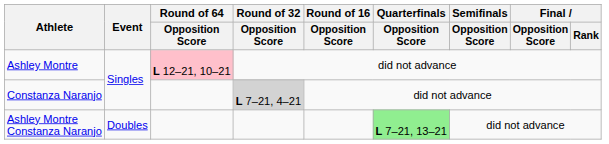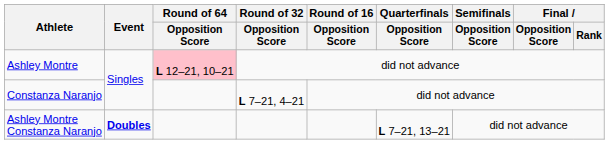 <table class=wikitable style="font-size:90%">
 <tr>
 <th rowspan="2">Athlete</th>
 <th rowspan="2">Event</th>
 <th>Round of 64</th>
 <th>Round of 32</th>
 <th>Round of 16</th>
 <th>Quarterfinals</th>
 <th>Semifinals</th>
 <th colspan=2>Final / </th>
 </tr>
 <tr style="font-size:95%">
 <th>Opposition<br>Score</th>
 <th>Opposition<br>Score</th>
 <th>Opposition<br>Score</th>
 <th>Opposition<br>Score</th>
 <th>Opposition<br>Score</th>
 <th>Opposition<br>Score</th>
 <th>Rank</th>
 </tr>
 <tr align=center>
 <td align=left><a href='#'>Ashley Montre</a></td>
 <td align=left rowspan=2><a href='#'>Singles</a></td>
 <td style="background: pink;"><br><strong>L</strong> 12–21, 10–21</td>
 <td colspan=6>did not advance</td>
 </tr>
 <tr align=center>
 <td align=left><a href='#'>Constanza Naranjo</a></td>
 <td></td>
-<td style="background: lightgrey;"><br><strong>L</strong> 7–21, 4–21</td>
+<td><br><strong>L</strong> 7–21, 4–21</td>
 <td colspan=5>did not advance</td>
 </tr>
 <tr align=center>
 <td align=left><a href='#'>Ashley Montre</a><br><a href='#'>Constanza Naranjo</a></td>
-<td><a href='#'>Doubles</a></td>
+<td><strong><a href='#'>Doubles</a></strong></td>
 <td></td>
 <td></td>
 <td></td>
-<td style="background: lightgreen;"><br><strong>L</strong> 7–21, 13–21</td>
+<td><br><strong>L</strong> 7–21, 13–21</td>
 <td colspan=3>did not advance</td>
 </tr>
 </table>
